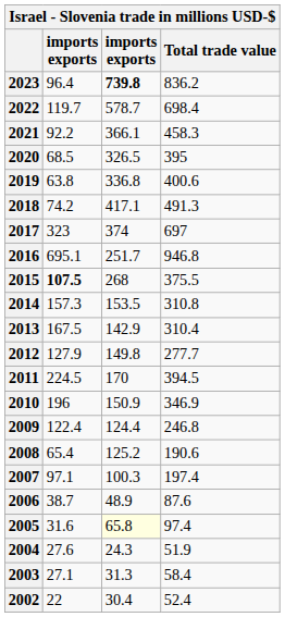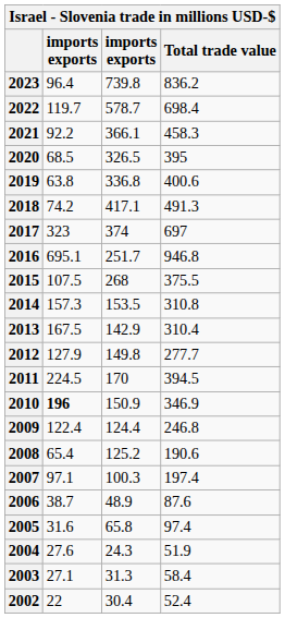 <table class="wikitable mw-collapsible mw-collapsed">
 <tr>
 <th colspan="4">Israel - Slovenia trade in millions USD-$</th>
 </tr>
 <tr>
 <th></th>
 <th> imports<br> exports</th>
 <th> imports<br> exports</th>
 <th>Total trade value</th>
 </tr>
 <tr>
 <th>2023</th>
 <td>96.4</td>
-<td><strong>739.8</strong></td>
+<td>739.8</td>
 <td>836.2</td>
 </tr>
 <tr>
 <th>2022</th>
 <td>119.7</td>
 <td>578.7</td>
 <td>698.4</td>
 </tr>
 <tr>
 <th>2021</th>
 <td>92.2</td>
 <td>366.1</td>
 <td>458.3</td>
 </tr>
 <tr>
 <th>2020</th>
 <td>68.5</td>
 <td>326.5</td>
 <td>395</td>
 </tr>
 <tr>
 <th>2019</th>
 <td>63.8</td>
 <td>336.8</td>
 <td>400.6</td>
 </tr>
 <tr>
 <th>2018</th>
 <td>74.2</td>
 <td>417.1</td>
 <td>491.3</td>
 </tr>
 <tr>
 <th>2017</th>
 <td>323</td>
 <td>374</td>
 <td>697</td>
 </tr>
 <tr>
 <th>2016</th>
 <td>695.1</td>
 <td>251.7</td>
 <td>946.8</td>
 </tr>
 <tr>
 <th>2015</th>
-<td><strong>107.5</strong></td>
+<td>107.5</td>
 <td>268</td>
 <td>375.5</td>
 </tr>
 <tr>
 <th>2014</th>
 <td>157.3</td>
 <td>153.5</td>
 <td>310.8</td>
 </tr>
 <tr>
 <th>2013</th>
 <td>167.5</td>
 <td>142.9</td>
 <td>310.4</td>
 </tr>
 <tr>
 <th>2012</th>
 <td>127.9</td>
 <td>149.8</td>
 <td>277.7</td>
 </tr>
 <tr>
 <th>2011</th>
 <td>224.5</td>
 <td>170</td>
 <td>394.5</td>
 </tr>
 <tr>
 <th>2010</th>
-<td>196</td>
+<td><strong>196</strong></td>
 <td>150.9</td>
 <td>346.9</td>
 </tr>
 <tr>
 <th>2009</th>
 <td>122.4</td>
 <td>124.4</td>
 <td>246.8</td>
 </tr>
 <tr>
 <th>2008</th>
 <td>65.4</td>
 <td>125.2</td>
 <td>190.6</td>
 </tr>
 <tr>
 <th>2007</th>
 <td>97.1</td>
 <td>100.3</td>
 <td>197.4</td>
 </tr>
 <tr>
 <th>2006</th>
 <td>38.7</td>
 <td>48.9</td>
 <td>87.6</td>
 </tr>
 <tr>
 <th>2005</th>
 <td>31.6</td>
-<td style="background: lightyellow;">65.8</td>
+<td>65.8</td>
 <td>97.4</td>
 </tr>
 <tr>
 <th>2004</th>
 <td>27.6</td>
 <td>24.3</td>
 <td>51.9</td>
 </tr>
 <tr>
 <th>2003</th>
 <td>27.1</td>
 <td>31.3</td>
 <td>58.4</td>
 </tr>
 <tr>
 <th>2002</th>
 <td>22</td>
 <td>30.4</td>
 <td>52.4</td>
 </tr>
 </table>
